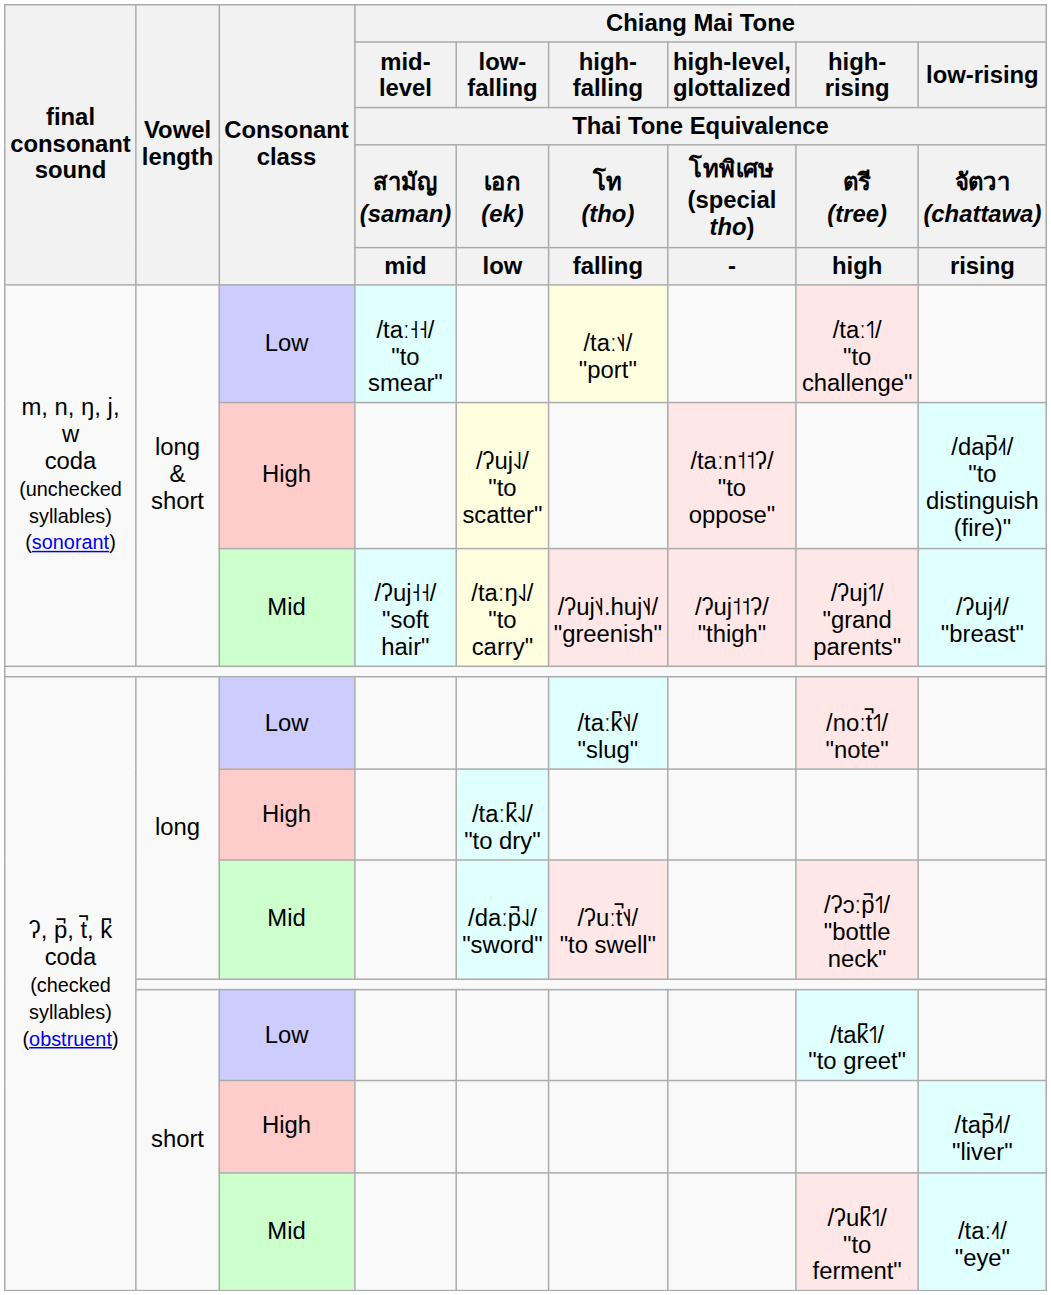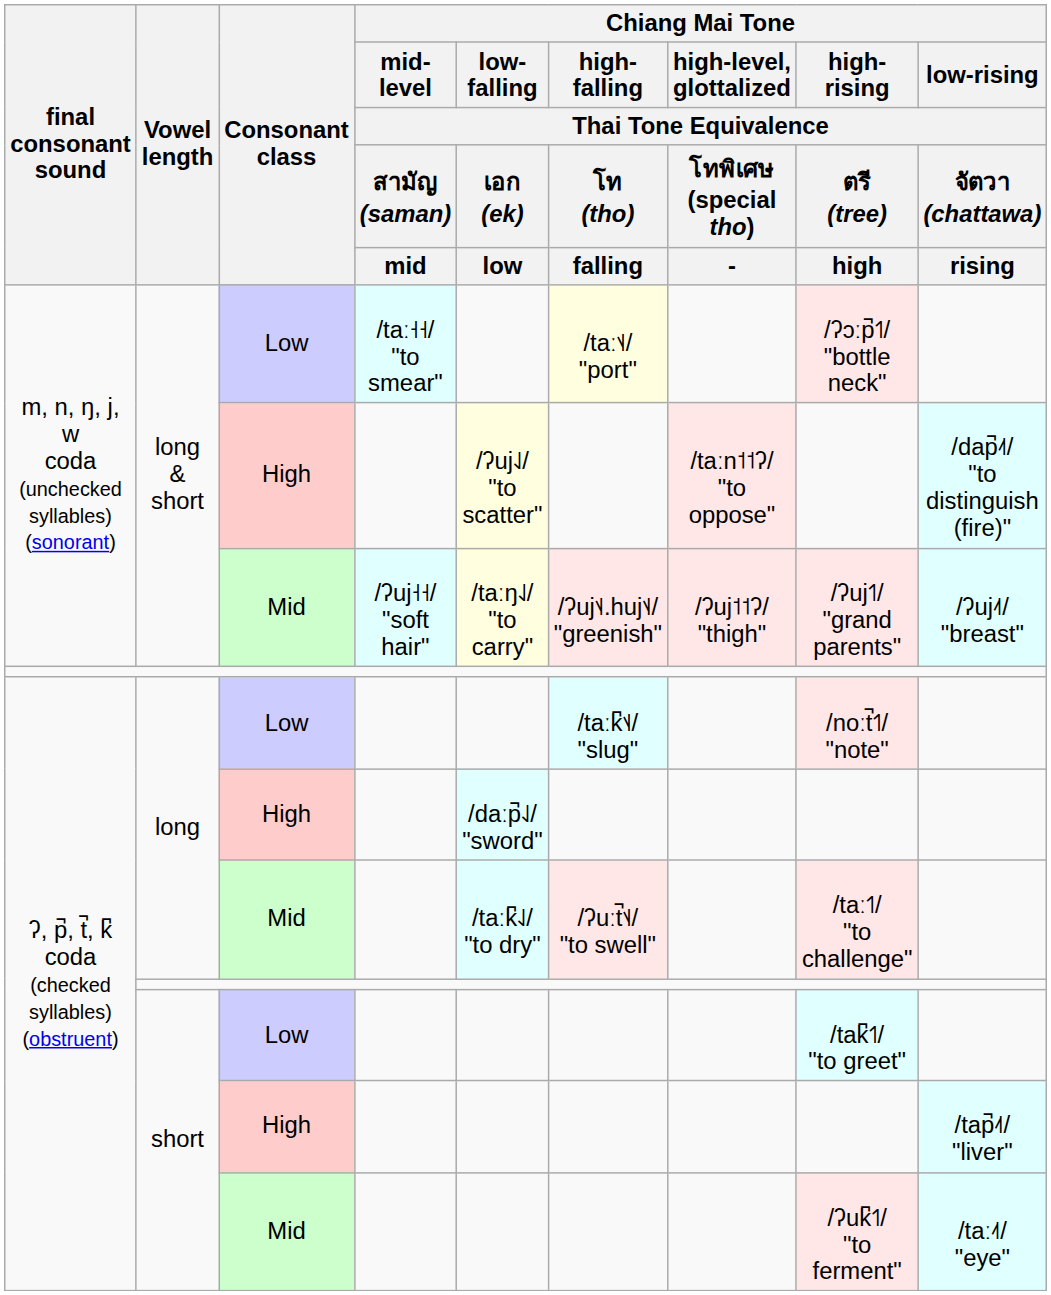 <table class="wikitable" style="text-align: center">
 <tr>
 <th rowspan="5">final <br>consonant <br>sound</th>
 <th rowspan="5">Vowel <br>length</th>
 <th rowspan="5">Consonant <br>class</th>
 <th colspan="6">Chiang Mai Tone</th>
 </tr>
 <tr>
 <th>mid-level</th>
 <th>low-falling</th>
 <th>high-falling</th>
 <th>high-level, <br>glottalized</th>
 <th>high-rising</th>
 <th>low-rising</th>
 </tr>
 <tr>
 <th colspan="6">Thai Tone Equivalence</th>
 </tr>
 <tr>
 <th>สามัญ<br><em>(saman)</em></th>
 <th>เอก<br><em>(ek)</em></th>
 <th>โท<br><em>(tho)</em></th>
 <th>โทพิเศษ<br>(special <em>tho</em>)</th>
 <th>ตรี<br><em>(tree)</em></th>
 <th>จัตวา<br><em>(chattawa)</em></th>
 </tr>
 <tr>
 <th>mid</th>
 <th>low</th>
 <th>falling</th>
 <th>-</th>
 <th>high</th>
 <th>rising</th>
 </tr>
 <tr>
 <td rowspan="3">m, n, ŋ, j, w<br>coda<br><small>(unchecked syllables)</small><br><small>(<a href='#'>sonorant</a>)</small></td>
 <td rowspan="3">long<br>&<br>short</td>
 <td style="background: #ccf">Low</td>
 <td style="background:#E0FFFF"><br>/taː˧˧/<br>"to smear"</td>
 <td></td>
 <td style="background:#FFFFE0"><br>/taː˦˨/<br>"port"</td>
 <td></td>
-<td style="background:#fee7e6"><br>/taː˦˥/<br>"to challenge"</td>
+<td style="background:#fee7e6"><br>/ʔɔːp̚˦˥/<br>"bottle neck"</td>
 <td></td>
 </tr>
 <tr>
 <td style="background: #fcc">High</td>
 <td></td>
 <td style="background:#FFFFE0"><br>/ʔuj˨˩/<br>"to scatter"</td>
 <td></td>
 <td style="background:#fee7e6"><br>/taːn˦˦ʔ/<br>"to oppose"</td>
 <td></td>
 <td style="background:#E0FFFF"><br>/dap̚˨˦/<br>"to distinguish (fire)"</td>
 </tr>
 <tr>
 <td style="background:#CFC">Mid</td>
 <td style="background:#E0FFFF"><br>/ʔuj˧˧/<br>"soft hair"</td>
 <td style="background:#FFFFE0"><br>/taːŋ˨˩/<br>"to carry"</td>
 <td style="background:#fee7e6"><br>/ʔuj˦˨.huj˦˨/<br>"greenish"</td>
 <td style="background:#fee7e6"><br>/ʔuj˦˦ʔ/<br>"thigh"</td>
 <td style="background:#fee7e6"><br>/ʔuj˦˥/<br>"grand parents"</td>
 <td style="background:#E0FFFF"><br>/ʔuj˨˦/<br>"breast"</td>
 </tr>
 <tr>
 <td colspan="9"></td>
 </tr>
 <tr>
 <td rowspan="7">ʔ, p̚, t̚, k̚<br>coda<br><small>(checked syllables)</small><br><small>(<a href='#'>obstruent</a>)</small></td>
 <td rowspan="3">long</td>
 <td style="background: #ccf">Low</td>
 <td></td>
 <td></td>
 <td style="background:#E0FFFF"><br>/taːk̚˦˨/<br>"slug"</td>
 <td></td>
 <td style="background:#fee7e6"><br>/noːt̚˦˥/<br>"note"</td>
 <td></td>
 </tr>
 <tr>
 <td style="background: #fcc">High</td>
 <td></td>
-<td style="background:#E0FFFF"><br>/taːk̚˨˩/<br>"to dry"</td>
+<td style="background:#E0FFFF"><br>/daːp̚˨˩/<br>"sword"</td>
 <td></td>
 <td></td>
 <td></td>
 <td></td>
 </tr>
 <tr>
 <td style="background:#CFC">Mid</td>
 <td></td>
-<td style="background:#E0FFFF"><br>/daːp̚˨˩/<br>"sword"</td>
+<td style="background:#E0FFFF"><br>/taːk̚˨˩/<br>"to dry"</td>
 <td style="background:#fee7e6"><br>/ʔuːt̚˦˨/<br>"to swell"</td>
 <td></td>
-<td style="background:#fee7e6"><br>/ʔɔːp̚˦˥/<br>"bottle neck"</td>
+<td style="background:#fee7e6"><br>/taː˦˥/<br>"to challenge"</td>
 <td></td>
 </tr>
 <tr>
 <td colspan="8"></td>
 </tr>
 <tr>
 <td rowspan="3">short</td>
 <td style="background: #ccf">Low</td>
 <td></td>
 <td></td>
 <td></td>
 <td></td>
 <td style="background:#E0FFFF"><br>/tak̚˦˥/<br>"to greet"</td>
 <td></td>
 </tr>
 <tr>
 <td style="background: #fcc">High</td>
 <td></td>
 <td></td>
 <td></td>
 <td></td>
 <td></td>
 <td style="background:#E0FFFF"><br>/tap̚˨˦/<br>"liver"</td>
 </tr>
 <tr>
 <td style="background:#CFC">Mid</td>
 <td></td>
 <td></td>
 <td></td>
 <td></td>
 <td style="background:#fee7e6"><br>/ʔuk̚˦˥/<br>"to ferment"</td>
 <td style="background:#E0FFFF"><br>/taː˨˦/<br>"eye"</td>
 </tr>
 </table>
